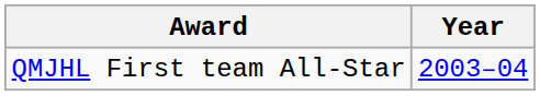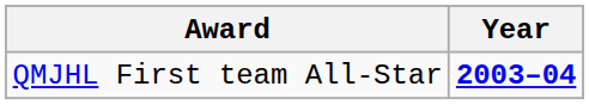 <table class="wikitable">
 <tr>
 <th>Award</th>
 <th>Year</th>
 </tr>
 <tr>
 <td><a href='#'>QMJHL</a> First team All-Star</td>
-<td><a href='#'>2003–04</a></td>
+<td><strong><a href='#'>2003–04</a></strong></td>
 </tr>
 </table>
